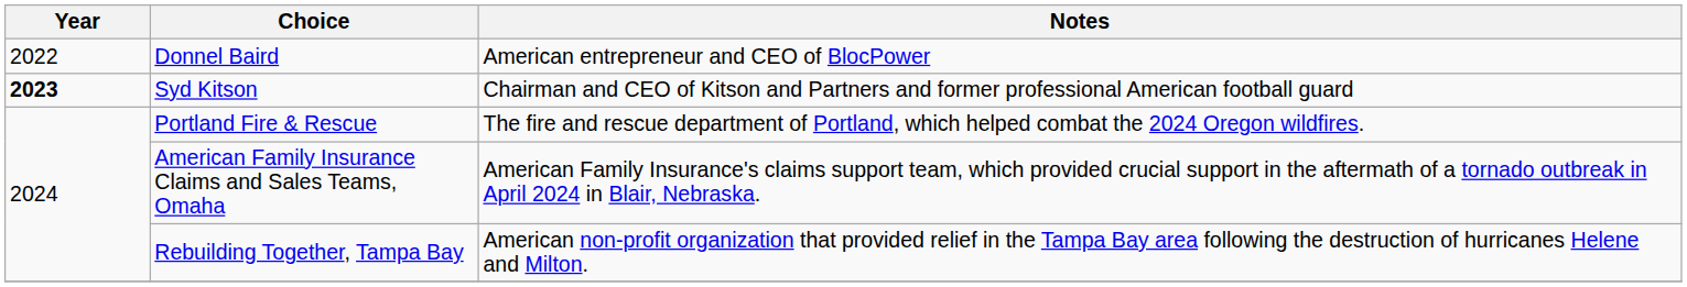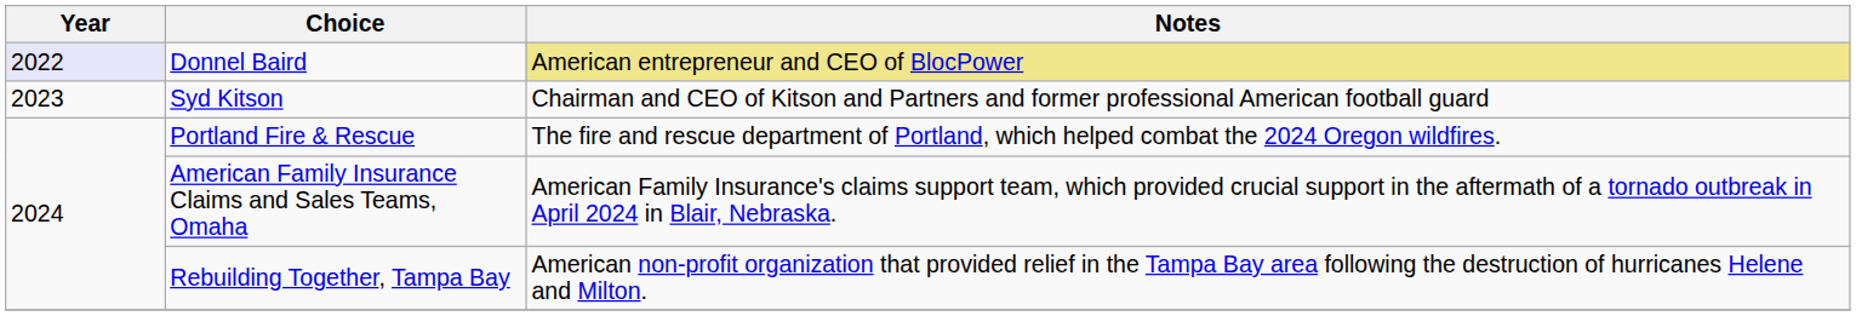 <table class="wikitable unsortable plainrowheaders">
 <tr>
 <th scope="col" width="2%">Year</th>
 <th scope="col" width="5%">Choice</th>
 <th scope="col" width="20%">Notes</th>
 </tr>
 <tr>
-<td>2022</td>
+<td style="background: lavender;">2022</td>
 <td><a href='#'>Donnel Baird</a></td>
-<td>American entrepreneur and CEO of <a href='#'>BlocPower</a></td>
+<td style="background: khaki;">American entrepreneur and CEO of <a href='#'>BlocPower</a></td>
 </tr>
 <tr>
-<td><strong>2023</strong></td>
+<td>2023</td>
 <td><a href='#'>Syd Kitson</a></td>
 <td>Chairman and CEO of Kitson and Partners and former professional American football guard</td>
 </tr>
 <tr>
 <td rowspan="3">2024</td>
 <td><a href='#'>Portland Fire & Rescue</a></td>
 <td>The fire and rescue department of <a href='#'>Portland</a>, which helped combat the <a href='#'>2024 Oregon wildfires</a>.</td>
 </tr>
 <tr>
 <td><a href='#'>American Family Insurance</a> Claims and Sales Teams, <a href='#'>Omaha</a></td>
 <td>American Family Insurance's claims support team, which provided crucial support in the aftermath of a <a href='#'>tornado outbreak in April 2024</a> in <a href='#'>Blair, Nebraska</a>.</td>
 </tr>
 <tr>
 <td><a href='#'>Rebuilding Together</a>, <a href='#'>Tampa Bay</a></td>
 <td>American <a href='#'>non-profit organization</a> that provided relief in the <a href='#'>Tampa Bay area</a> following the destruction of hurricanes <a href='#'>Helene</a> and <a href='#'>Milton</a>.</td>
 </tr>
 <tr>
 </tr>
 </table>
